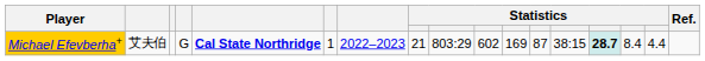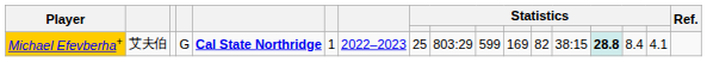 <table class="wikitable sortable" style="font-size:95%; text-align:right;">
 <tr>
 <th rowspan="2">Player</th>
 <th rowspan="2"></th>
 <th rowspan="2"></th>
 <th rowspan="2"></th>
 <th rowspan="2"></th>
 <th rowspan="2"></th>
 <th rowspan="2"></th>
 <th colspan="9">Statistics</th>
 <th rowspan="2">Ref.</th>
 </tr>
 <tr>
 <th></th>
 <th></th>
 <th></th>
 <th></th>
 <th></th>
 <th></th>
 <th></th>
 <th></th>
 <th></th>
 </tr>
 <tr>
 <td align="left" bgcolor="#FFCC00"><em><a href='#'>Michael Efevberha</a></em><sup>+</sup></td>
 <td align="left">艾夫伯</td>
 <td align="center"></td>
 <td align="center">G</td>
 <td align="left"><strong><a href='#'>Cal State Northridge</a></strong></td>
 <td align="center">1</td>
 <td align="center"><a href='#'>2022–2023</a></td>
-<td>21</td>
+<td>25</td>
 <td>803:29</td>
-<td>602</td>
+<td>599</td>
 <td>169</td>
-<td>87</td>
+<td>82</td>
 <td>38:15</td>
-<td bgcolor="#CFECEC"><strong>28.7</strong></td>
+<td bgcolor="#CFECEC"><strong>28.8</strong></td>
 <td>8.4</td>
-<td>4.4</td>
+<td>4.1</td>
 <td align="center"></td>
 </tr>
 </table>
